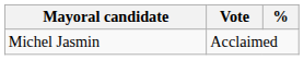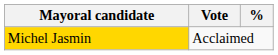 <table class="wikitable">
 <tr>
 <th bgcolor="#DDDDFF" width="200px">Mayoral candidate</th>
 <th bgcolor="#DDDDFF" width="50px">Vote</th>
 <th bgcolor="#DDDDFF"  width="30px">%</th>
 </tr>
 <tr>
-<td>Michel Jasmin</td>
+<td style="background: gold;">Michel Jasmin</td>
 <td colspan="2">Acclaimed</td>
 </tr>
 </table>
